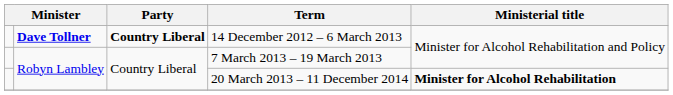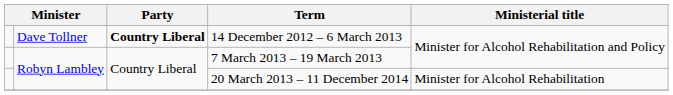 <table class="sortable wikitable">
 <tr>
 <th colspan=2>Minister</th>
 <th>Party</th>
 <th>Term </th>
 <th>Ministerial title</th>
 </tr>
 <tr>
 <td> </td>
-<td><strong><a href='#'>Dave Tollner</a></strong></td>
+<td><a href='#'>Dave Tollner</a></td>
 <td><strong>Country Liberal</strong></td>
 <td>14 December 2012 – 6 March 2013</td>
 <td rowspan="2">Minister for Alcohol Rehabilitation and Policy</td>
 </tr>
 <tr>
 <td> </td>
 <td rowspan="2"><a href='#'>Robyn Lambley</a></td>
 <td rowspan="2">Country Liberal</td>
 <td>7 March 2013 – 19 March 2013</td>
 </tr>
 <tr>
 <td> </td>
 <td>20 March 2013 – 11 December 2014</td>
-<td><strong>Minister for Alcohol Rehabilitation</strong></td>
+<td>Minister for Alcohol Rehabilitation</td>
 </tr>
 <tr>
 </tr>
 </table>
